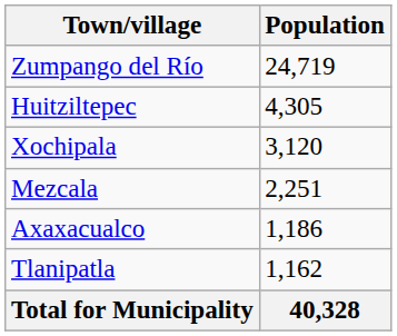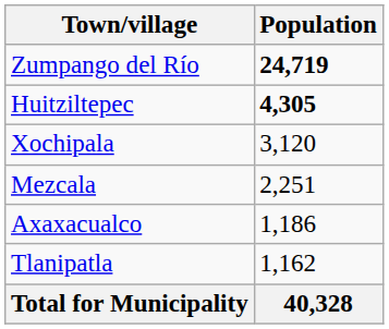 <table class="wikitable">
 <tr style="background:#efefef;">
 <th><strong>Town/village</strong></th>
 <th><strong>Population</strong></th>
 </tr>
 <tr>
 <td><a href='#'>Zumpango del Río</a></td>
-<td>24,719</td>
+<td><strong>24,719</strong></td>
 </tr>
 <tr>
 <td><a href='#'>Huitziltepec</a></td>
-<td>4,305</td>
+<td><strong>4,305</strong></td>
 </tr>
 <tr>
 <td><a href='#'>Xochipala</a></td>
 <td>3,120</td>
 </tr>
 <tr>
 <td><a href='#'>Mezcala</a></td>
 <td>2,251</td>
 </tr>
 <tr>
 <td><a href='#'>Axaxacualco</a></td>
 <td>1,186</td>
 </tr>
 <tr>
 <td><a href='#'>Tlanipatla</a></td>
 <td>1,162</td>
 </tr>
 <tr style="background:#efefef;">
 <th><strong>Total for Municipality</strong></th>
 <th><strong>40,328</strong></th>
 </tr>
 </table>
